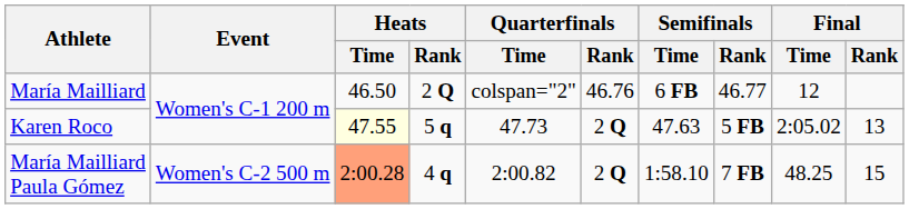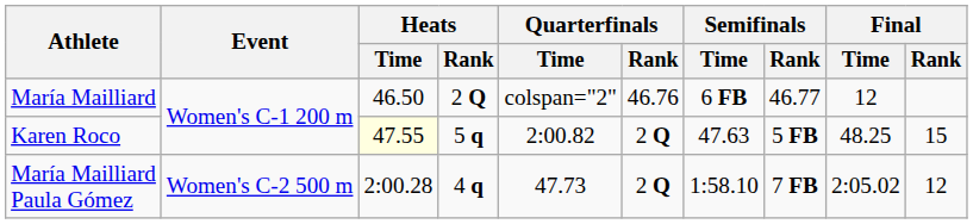 <table class=wikitable style="font-size:90%">
 <tr>
 <th rowspan="2">Athlete</th>
 <th rowspan="2">Event</th>
 <th colspan=2>Heats</th>
 <th colspan=2>Quarterfinals</th>
 <th colspan=2>Semifinals</th>
 <th colspan=2>Final</th>
 </tr>
 <tr style="font-size:95%">
 <th>Time</th>
 <th>Rank</th>
 <th>Time</th>
 <th>Rank</th>
 <th>Time</th>
 <th>Rank</th>
 <th>Time</th>
 <th>Rank</th>
 </tr>
 <tr align=center>
 <td align=left><a href='#'>María Mailliard</a></td>
 <td rowspan=2 align=left><a href='#'>Women's C-1 200 m</a></td>
 <td>46.50</td>
 <td>2 <strong>Q</strong></td>
 <td>colspan="2" </td>
 <td>46.76</td>
 <td>6 <strong>FB</strong></td>
 <td>46.77</td>
 <td>12</td>
 </tr>
 <tr align=center>
 <td align=left><a href='#'>Karen Roco</a></td>
 <td style="background: lightyellow;">47.55</td>
 <td>5 <strong>q</strong></td>
-<td>47.73</td>
+<td>2:00.82</td>
 <td>2 <strong>Q</strong></td>
 <td>47.63</td>
 <td>5 <strong>FB</strong></td>
-<td>2:05.02</td>
-<td>13</td>
+<td>48.25</td>
+<td>15</td>
 </tr>
 <tr align=center>
 <td align=left><a href='#'>María Mailliard</a><br><a href='#'>Paula Gómez</a></td>
 <td align=left><a href='#'>Women's C-2 500 m</a></td>
-<td style="background: lightsalmon;">2:00.28</td>
+<td>2:00.28</td>
 <td>4 <strong>q</strong></td>
-<td>2:00.82</td>
+<td>47.73</td>
 <td>2 <strong>Q</strong></td>
 <td>1:58.10</td>
 <td>7 <strong>FB</strong></td>
-<td>48.25</td>
-<td>15</td>
+<td>2:05.02</td>
+<td>12</td>
 </tr>
 </table>
